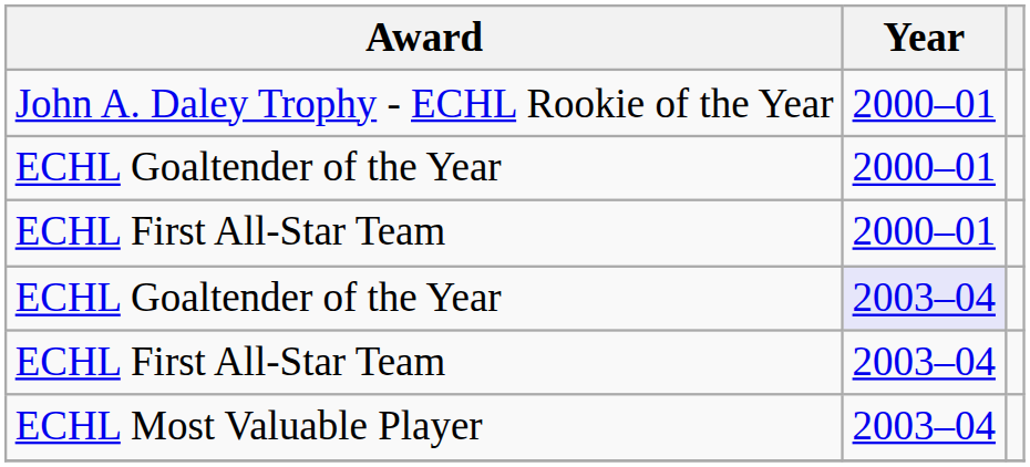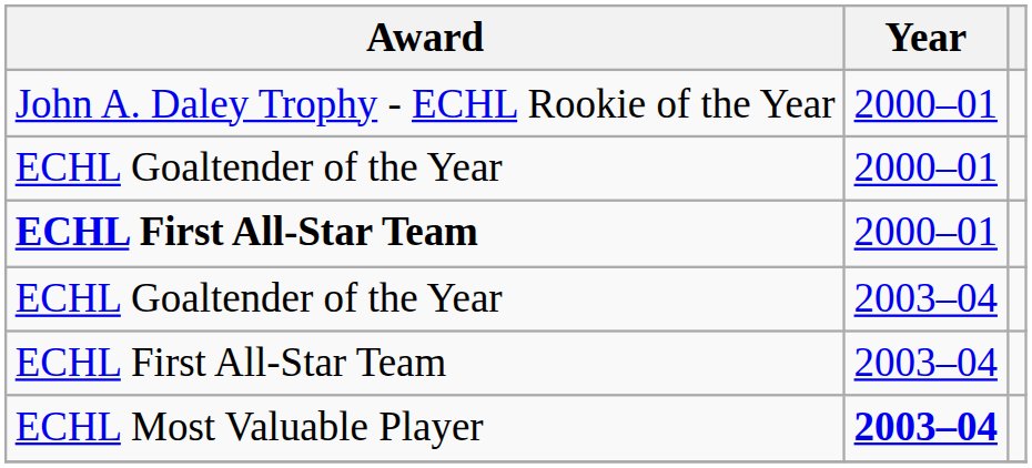 <table class="wikitable">
 <tr>
 <th>Award</th>
 <th>Year</th>
 <th></th>
 </tr>
 <tr>
 <td><a href='#'>John A. Daley Trophy</a> - <a href='#'>ECHL</a> Rookie of the Year</td>
 <td><a href='#'>2000–01</a></td>
 <td></td>
 </tr>
 <tr>
 <td><a href='#'>ECHL</a> Goaltender of the Year</td>
 <td><a href='#'>2000–01</a></td>
 <td></td>
 </tr>
 <tr>
-<td><a href='#'>ECHL</a> First All-Star Team</td>
+<td><strong><a href='#'>ECHL</a> First All-Star Team</strong></td>
 <td><a href='#'>2000–01</a></td>
 <td></td>
 </tr>
 <tr>
 <td><a href='#'>ECHL</a> Goaltender of the Year</td>
-<td style="background: lavender;"><a href='#'>2003–04</a></td>
+<td><a href='#'>2003–04</a></td>
 <td></td>
 </tr>
 <tr>
 <td><a href='#'>ECHL</a> First All-Star Team</td>
 <td><a href='#'>2003–04</a></td>
 <td></td>
 </tr>
 <tr>
 <td><a href='#'>ECHL</a> Most Valuable Player</td>
-<td><a href='#'>2003–04</a></td>
+<td><strong><a href='#'>2003–04</a></strong></td>
 <td></td>
 </tr>
 <tr>
 </tr>
 </table>
